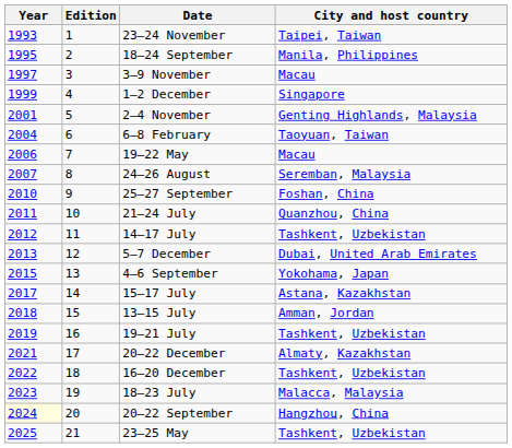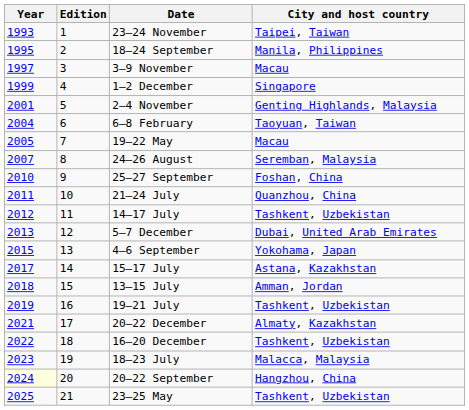 <table class="wikitable">
 <tr>
 <th style="width: 55px;">Year</th>
 <th style="width: 50px;">Edition</th>
 <th style="width: 160px;">Date</th>
 <th style="width: 240px;">City and host country</th>
 </tr>
 <tr>
 <td><a href='#'>1993</a></td>
 <td>1</td>
 <td>23–24 November</td>
 <td align="left"> <a href='#'>Taipei</a>, <a href='#'>Taiwan</a></td>
 </tr>
 <tr>
 <td><a href='#'>1995</a></td>
 <td>2</td>
 <td>18–24 September</td>
 <td align="left"> <a href='#'>Manila</a>, <a href='#'>Philippines</a></td>
 </tr>
 <tr>
 <td><a href='#'>1997</a></td>
 <td>3</td>
 <td>3–9 November</td>
 <td align="left"> <a href='#'>Macau</a></td>
 </tr>
 <tr>
 <td><a href='#'>1999</a></td>
 <td>4</td>
 <td>1–2 December</td>
 <td align="left"> <a href='#'>Singapore</a></td>
 </tr>
 <tr>
 <td><a href='#'>2001</a></td>
 <td>5</td>
 <td>2–4 November</td>
 <td align="left"> <a href='#'>Genting Highlands</a>, <a href='#'>Malaysia</a></td>
 </tr>
 <tr>
 <td><a href='#'>2004</a></td>
 <td>6</td>
 <td>6–8 February</td>
 <td align="left"> <a href='#'>Taoyuan</a>, <a href='#'>Taiwan</a></td>
 </tr>
 <tr>
-<td><a href='#'>2006</a></td>
+<td><a href='#'>2005</a></td>
 <td>7</td>
 <td>19–22 May</td>
 <td align="left"> <a href='#'>Macau</a></td>
 </tr>
 <tr>
 <td><a href='#'>2007</a></td>
 <td>8</td>
 <td>24–26 August</td>
 <td align="left"> <a href='#'>Seremban</a>, <a href='#'>Malaysia</a></td>
 </tr>
 <tr>
 <td><a href='#'>2010</a></td>
 <td>9</td>
 <td>25–27 September</td>
 <td align="left"> <a href='#'>Foshan</a>, <a href='#'>China</a></td>
 </tr>
 <tr>
 <td><a href='#'>2011</a></td>
 <td>10</td>
 <td>21–24 July</td>
 <td align="left"> <a href='#'>Quanzhou</a>, <a href='#'>China</a></td>
 </tr>
 <tr>
 <td><a href='#'>2012</a></td>
 <td>11</td>
 <td>14–17 July</td>
 <td align="left"> <a href='#'>Tashkent</a>, <a href='#'>Uzbekistan</a></td>
 </tr>
 <tr>
 <td><a href='#'>2013</a></td>
 <td>12</td>
 <td>5–7 December</td>
 <td align="left"> <a href='#'>Dubai</a>, <a href='#'>United Arab Emirates</a></td>
 </tr>
 <tr>
 <td><a href='#'>2015</a></td>
 <td>13</td>
 <td>4–6 September</td>
 <td align="left"> <a href='#'>Yokohama</a>, <a href='#'>Japan</a></td>
 </tr>
 <tr>
 <td><a href='#'>2017</a></td>
 <td>14</td>
 <td>15–17 July</td>
 <td align="left"> <a href='#'>Astana</a>, <a href='#'>Kazakhstan</a></td>
 </tr>
 <tr>
 <td><a href='#'>2018</a></td>
 <td>15</td>
 <td>13–15 July</td>
 <td align="left"> <a href='#'>Amman</a>, <a href='#'>Jordan</a></td>
 </tr>
 <tr>
 <td><a href='#'>2019</a></td>
 <td>16</td>
 <td>19–21 July</td>
 <td align="left"> <a href='#'>Tashkent</a>, <a href='#'>Uzbekistan</a></td>
 </tr>
 <tr>
 <td><a href='#'>2021</a></td>
 <td>17</td>
 <td>20–22 December</td>
 <td align="left"> <a href='#'>Almaty</a>, <a href='#'>Kazakhstan</a></td>
 </tr>
 <tr>
 <td><a href='#'>2022</a></td>
 <td>18</td>
 <td>16–20 December</td>
 <td align="left"> <a href='#'>Tashkent</a>, <a href='#'>Uzbekistan</a></td>
 </tr>
 <tr>
 <td><a href='#'>2023</a></td>
 <td>19</td>
 <td>18–23 July</td>
 <td align="left"> <a href='#'>Malacca</a>, <a href='#'>Malaysia</a></td>
 </tr>
 <tr>
 <td style="background: lightyellow;"><a href='#'>2024</a></td>
 <td>20</td>
 <td>20–22 September</td>
 <td align="left"> <a href='#'>Hangzhou</a>, <a href='#'>China</a></td>
 </tr>
 <tr>
 <td><a href='#'>2025</a></td>
 <td>21</td>
 <td>23–25 May</td>
 <td align="left"> <a href='#'>Tashkent</a>, <a href='#'>Uzbekistan</a></td>
 </tr>
 </table>
